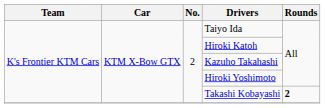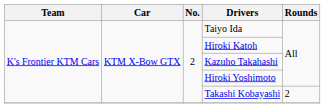 <table class="wikitable" style="font-size: 85%">
 <tr>
 <th>Team</th>
 <th>Car</th>
 <th>No.</th>
 <th>Drivers</th>
 <th>Rounds</th>
 </tr>
 <tr>
 <td rowspan="5"> <a href='#'>K's Frontier KTM Cars</a></td>
 <td rowspan="5"><a href='#'>KTM X-Bow GTX</a></td>
 <td align="center" rowspan="5">2</td>
 <td> Taiyo Ida</td>
 <td rowspan="4">All</td>
 </tr>
 <tr>
 <td> <a href='#'>Hiroki Katoh</a></td>
 </tr>
 <tr>
 <td> <a href='#'>Kazuho Takahashi</a></td>
 </tr>
 <tr>
 <td> <a href='#'>Hiroki Yoshimoto</a></td>
 </tr>
 <tr>
 <td> <a href='#'>Takashi Kobayashi</a></td>
-<td><strong>2</strong></td>
+<td>2</td>
 </tr>
 <tr>
 </tr>
 </table>
